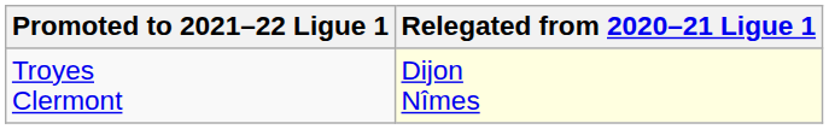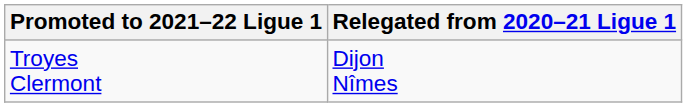 <table class="wikitable">
 <tr>
 <th>Promoted to 2021–22 Ligue 1</th>
 <th>Relegated from <a href='#'>2020–21 Ligue 1</a></th>
 </tr>
 <tr>
 <td><a href='#'>Troyes</a><br><a href='#'>Clermont</a></td>
-<td style="background: lightyellow;"><a href='#'>Dijon</a><br><a href='#'>Nîmes</a></td>
+<td><a href='#'>Dijon</a><br><a href='#'>Nîmes</a></td>
 </tr>
 </table>
